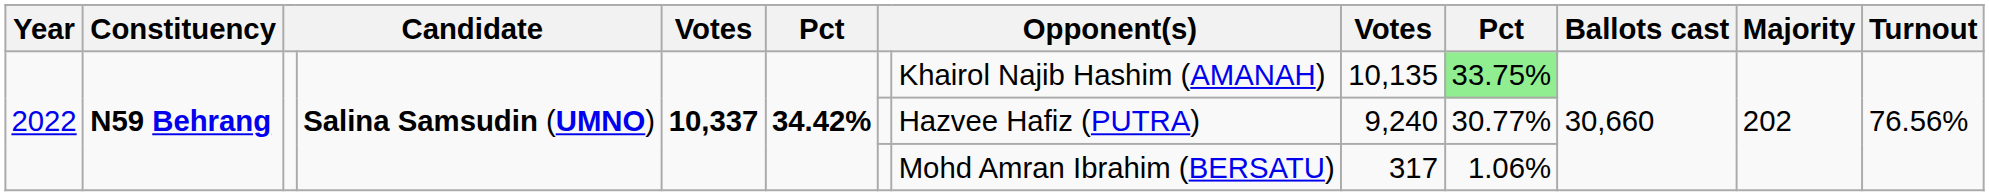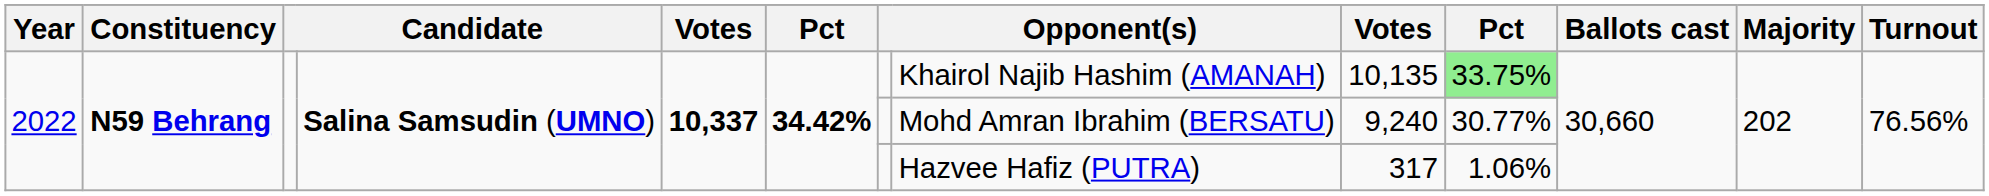 <table class="wikitable" style="margin:0.5em ; font-size:95%">
 <tr>
 <th>Year</th>
 <th>Constituency</th>
 <th colspan=2>Candidate</th>
 <th>Votes</th>
 <th>Pct</th>
 <th colspan=2>Opponent(s)</th>
 <th>Votes</th>
 <th>Pct</th>
 <th>Ballots cast</th>
 <th>Majority</th>
 <th>Turnout</th>
 </tr>
 <tr>
 <td rowspan=3><a href='#'>2022</a></td>
 <td rowspan=3><strong>N59 <a href='#'>Behrang</a></strong></td>
 <td rowspan=3 ></td>
 <td rowspan=3><strong>Salina Samsudin</strong> (<a href='#'><strong>UMNO</strong></a>)</td>
 <td rowspan=3 style="text-align:right;"><strong>10,337</strong></td>
 <td rowspan=3><strong>34.42%</strong></td>
 <td></td>
 <td>Khairol Najib Hashim (<a href='#'>AMANAH</a>)</td>
 <td style="text-align:right;">10,135</td>
 <td style="background: lightgreen;">33.75%</td>
 <td rowspan=3>30,660</td>
 <td rowspan=3>202</td>
 <td rowspan=3>76.56%</td>
 </tr>
 <tr>
 <td bgcolor=></td>
-<td>Hazvee Hafiz (<a href='#'>PUTRA</a>)</td>
+<td>Mohd Amran Ibrahim (<a href='#'>BERSATU</a>)</td>
 <td style="text-align:right;">9,240</td>
 <td>30.77%</td>
 </tr>
 <tr>
 <td bgcolor=></td>
-<td>Mohd Amran Ibrahim (<a href='#'>BERSATU</a>)</td>
+<td>Hazvee Hafiz (<a href='#'>PUTRA</a>)</td>
 <td style="text-align:right;">317</td>
 <td style="text-align:right;">1.06%</td>
 </tr>
 </table>
